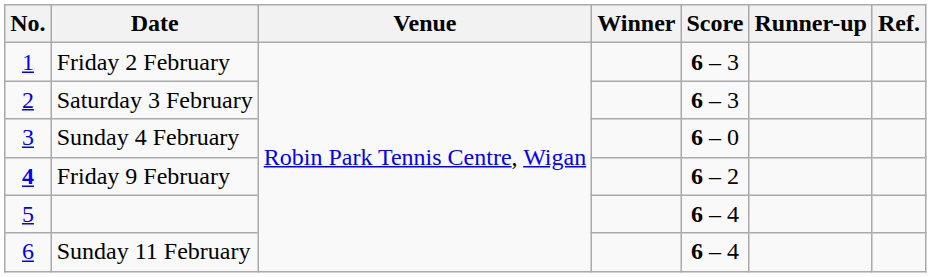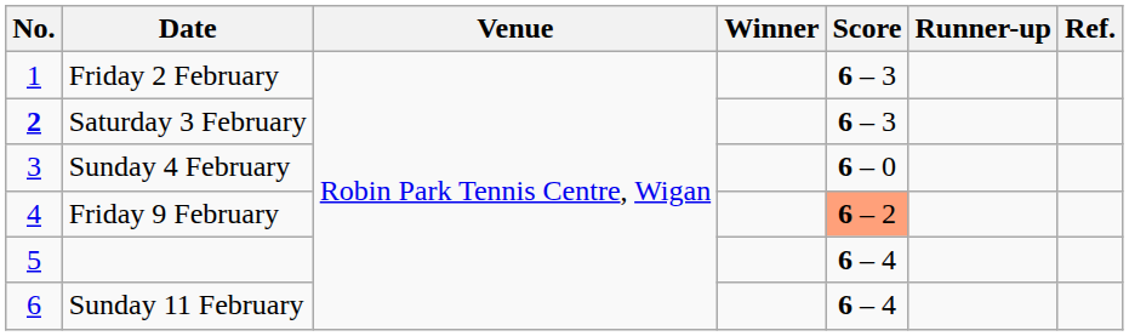 <table class="wikitable">
 <tr>
 <th>No.</th>
 <th>Date</th>
 <th>Venue</th>
 <th>Winner</th>
 <th>Score</th>
 <th>Runner-up</th>
 <th>Ref.</th>
 </tr>
 <tr>
 <td align=center><a href='#'>1</a></td>
 <td align=left>Friday 2 February</td>
 <td rowspan=6><a href='#'>Robin Park Tennis Centre</a>, <a href='#'>Wigan</a></td>
 <td align=right></td>
 <td align=center><strong>6</strong> – 3</td>
 <td></td>
 <td align="center"></td>
 </tr>
 <tr>
-<td align=center><a href='#'>2</a></td>
+<td align=center><strong><a href='#'>2</a></strong></td>
 <td align=left>Saturday 3 February</td>
 <td align=right></td>
 <td align=center><strong>6</strong> – 3</td>
 <td></td>
 <td align="center"></td>
 </tr>
 <tr>
 <td align=center><a href='#'>3</a></td>
 <td align=left>Sunday 4 February</td>
 <td align=right></td>
 <td align=center><strong>6</strong> – 0</td>
 <td></td>
 <td align="center"></td>
 </tr>
 <tr>
-<td align=center><strong><a href='#'>4</a></strong></td>
+<td align=center><a href='#'>4</a></td>
 <td align=left>Friday 9 February</td>
 <td align=right></td>
-<td align=center><strong>6</strong> – 2</td>
+<td align=center style="background: lightsalmon;"><strong>6</strong> – 2</td>
 <td></td>
 <td align="center"></td>
 </tr>
 <tr>
 <td align=center><a href='#'>5</a></td>
 <td align=left></td>
 <td align=right></td>
 <td align=center><strong>6</strong> – 4</td>
 <td></td>
 <td align="center"></td>
 </tr>
 <tr>
 <td align=center><a href='#'>6</a></td>
 <td align=left>Sunday 11 February</td>
 <td align=right></td>
 <td align=center><strong>6</strong> – 4</td>
 <td></td>
 <td align="center"></td>
 </tr>
 </table>
